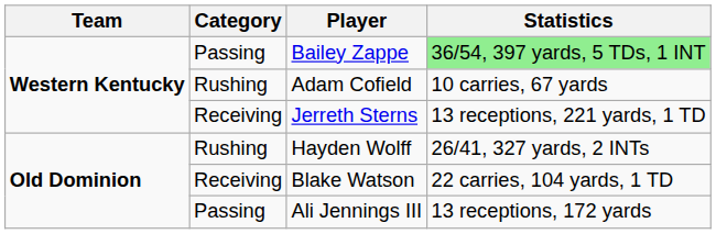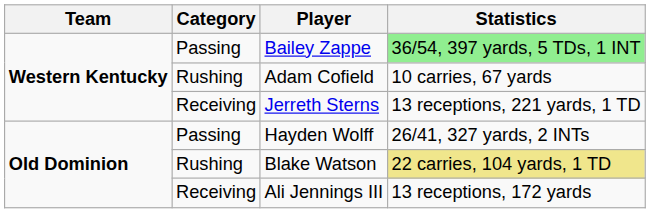 <table class="wikitable" style="float: left;">
 <tr>
 <th>Team</th>
 <th>Category</th>
 <th>Player</th>
 <th>Statistics</th>
 </tr>
 <tr>
 <td rowspan=3><strong>Western Kentucky</strong></td>
 <td>Passing</td>
 <td><a href='#'>Bailey Zappe</a></td>
 <td style="background: lightgreen;">36/54, 397 yards, 5 TDs, 1 INT</td>
 </tr>
 <tr>
 <td>Rushing</td>
 <td>Adam Cofield</td>
 <td>10 carries, 67 yards</td>
 </tr>
 <tr>
 <td>Receiving</td>
 <td><a href='#'>Jerreth Sterns</a></td>
 <td>13 receptions, 221 yards, 1 TD</td>
 </tr>
 <tr>
 <td rowspan=3><strong>Old Dominion</strong></td>
-<td>Rushing</td>
+<td>Passing</td>
 <td>Hayden Wolff</td>
 <td>26/41, 327 yards, 2 INTs</td>
 </tr>
 <tr>
-<td>Receiving</td>
+<td>Rushing</td>
 <td>Blake Watson</td>
-<td>22 carries, 104 yards, 1 TD</td>
+<td style="background: khaki;">22 carries, 104 yards, 1 TD</td>
 </tr>
 <tr>
-<td>Passing</td>
+<td>Receiving</td>
 <td>Ali Jennings III</td>
 <td>13 receptions, 172 yards</td>
 </tr>
 </table>
